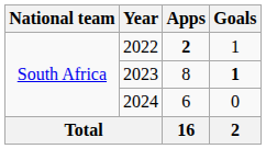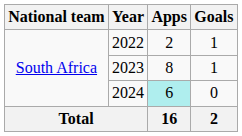 <table class="wikitable" style="text-align:center;">
 <tr>
 <th>National team</th>
 <th>Year</th>
 <th>Apps</th>
 <th>Goals</th>
 </tr>
 <tr>
 <td rowspan="3"><a href='#'>South Africa</a></td>
 <td>2022</td>
-<td><strong>2</strong></td>
+<td>2</td>
 <td>1</td>
 </tr>
 <tr>
 <td>2023</td>
 <td>8</td>
-<td><strong>1</strong></td>
+<td>1</td>
 </tr>
 <tr>
 <td>2024</td>
-<td>6</td>
+<td style="background: paleturquoise;">6</td>
 <td>0</td>
 </tr>
 <tr>
 <th colspan="2">Total</th>
 <th>16</th>
 <th>2</th>
 </tr>
 </table>
